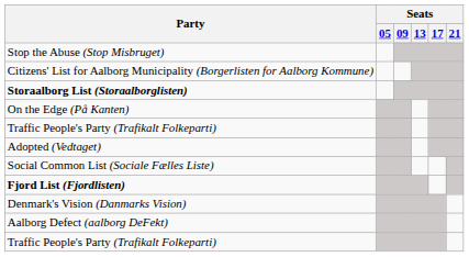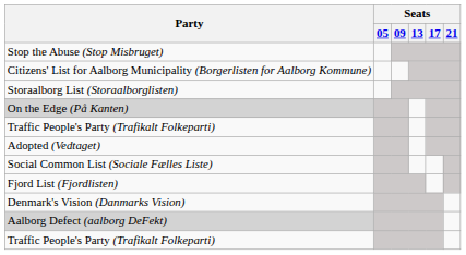 <table class="wikitable">
 <tr>
 <th rowspan=2>Party</th>
 <th colspan=11>Seats</th>
 </tr>
 <tr>
 <th><a href='#'>05</a></th>
 <th><a href='#'>09</a></th>
 <th><a href='#'>13</a></th>
 <th><a href='#'>17</a></th>
 <th><a href='#'>21</a></th>
 </tr>
 <tr>
 <td>Stop the Abuse <em>(Stop Misbruget)</em></td>
 <td></td>
 <td style="background:#CDC9C9;" colspan=4></td>
 </tr>
 <tr>
 <td>Citizens' List for Aalborg Municipality <em>(Borgerlisten for Aalborg Kommune)</em></td>
 <td></td>
 <td></td>
 <td style="background:#CDC9C9;" colspan=3></td>
 </tr>
 <tr>
-<td><strong>Storaalborg List <em>(Storaalborglisten)</em></strong></td>
+<td>Storaalborg List <em>(Storaalborglisten)</em></td>
 <td></td>
 <td style="background:#CDC9C9;" colspan=4></td>
 </tr>
 <tr>
-<td>On the Edge <em>(På Kanten)</em></td>
+<td style="background: lightgrey;">On the Edge <em>(På Kanten)</em></td>
 <td style="background:#CDC9C9;" colspan=2></td>
 <td></td>
 <td style="background:#CDC9C9;" colspan=2></td>
 </tr>
 <tr>
 <td>Traffic People's Party <em>(Trafikalt Folkeparti)</em></td>
 <td style="background:#CDC9C9;" colspan=2></td>
 <td></td>
 <td style="background:#CDC9C9;" colspan=2></td>
 </tr>
 <tr>
 <td>Adopted <em>(Vedtaget)</em></td>
 <td style="background:#CDC9C9;" colspan=2></td>
 <td></td>
 <td style="background:#CDC9C9;" colspan=2></td>
 </tr>
 <tr>
 <td>Social Common List <em>(Sociale Fælles Liste)</em></td>
 <td style="background:#CDC9C9;" colspan=2></td>
 <td></td>
 <td></td>
 <td style="background:#CDC9C9;"></td>
 </tr>
 <tr>
-<td><strong>Fjord List <em>(Fjordlisten)</em></strong></td>
+<td>Fjord List <em>(Fjordlisten)</em></td>
 <td style="background:#CDC9C9;" colspan=3></td>
 <td></td>
 <td style="background:#CDC9C9;"></td>
 </tr>
 <tr>
 <td>Denmark's Vision <em>(Danmarks Vision)</em></td>
 <td style="background:#CDC9C9;" colspan=4></td>
 <td></td>
 </tr>
 <tr>
-<td>Aalborg Defect <em>(aalborg DeFekt)</em></td>
+<td style="background: lightgrey;">Aalborg Defect <em>(aalborg DeFekt)</em></td>
 <td style="background:#CDC9C9;" colspan=4></td>
 <td></td>
 </tr>
 <tr>
 <td>Traffic People's Party <em>(Trafikalt Folkeparti)</em></td>
 <td style="background:#CDC9C9;" colspan=4></td>
 <td></td>
 </tr>
 </table>
